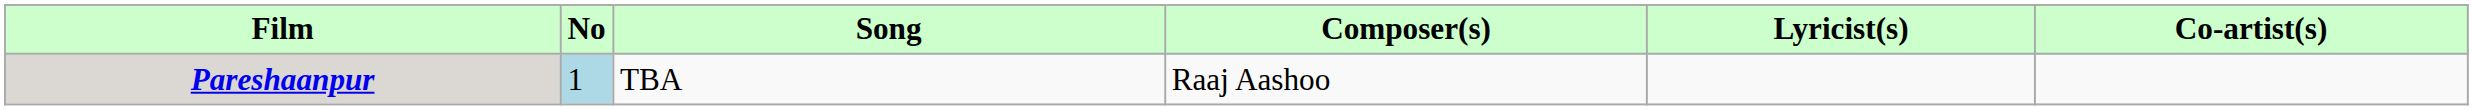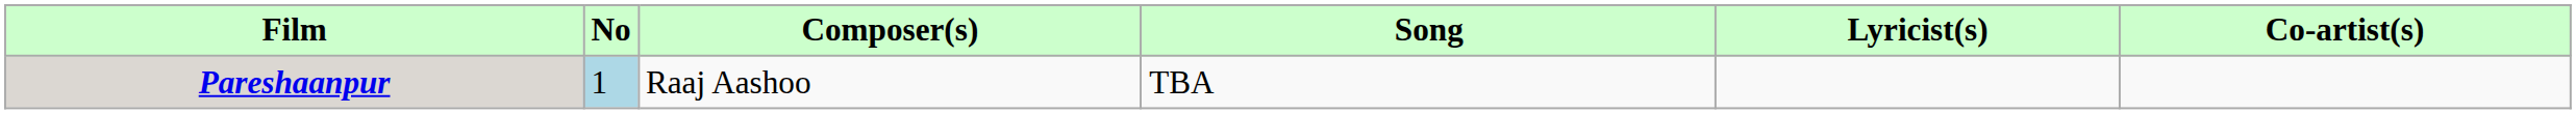 <table class="wikitable plainrowheaders" style="width:100%; textcolor:#000">
 <tr style="background:#cfc; text-align:center;">
 <td scope="col" style="width:23%;"><strong>Film</strong></td>
 <td><strong>No</strong></td>
+<td scope="col" style="width:20%;"><strong>Composer(s)</strong></td>
 <td scope="col" style="width:23%;"><strong>Song</strong></td>
-<td scope="col" style="width:20%;"><strong>Composer(s)</strong></td>
 <td scope="col" style="width:16%;"><strong>Lyricist(s)</strong></td>
 <td scope="col" style="width:18%;"><strong>Co-artist(s)</strong></td>
 </tr>
 <tr>
 <th scope="row" style="background:#dbd7d2;"><em><a href='#'>Pareshaanpur</a></em></th>
 <td style="background: lightblue;">1</td>
+<td>Raaj Aashoo</td>
 <td>TBA</td>
-<td>Raaj Aashoo</td>
 <td></td>
 <td></td>
 </tr>
 </table>
